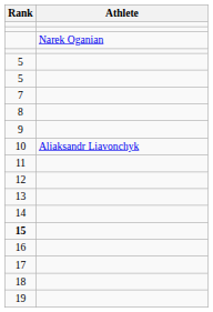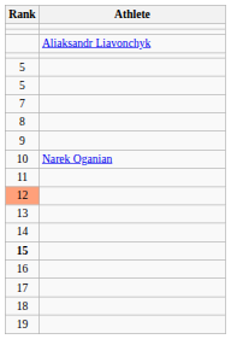 <table class="wikitable" style="text-align: center;">
 <tr>
 <th width=40>Rank</th>
 <th width=250>Athlete</th>
 </tr>
 <tr>
 <td></td>
 <td align="left"></td>
 </tr>
 <tr>
 <td></td>
 <td align="left"></td>
 </tr>
 <tr>
 <td></td>
-<td align="left"> <a href='#'>Narek Oganian</a> </td>
+<td align="left"> <a href='#'>Aliaksandr Liavonchyk</a> </td>
 </tr>
 <tr>
 <td></td>
 <td align="left"></td>
 </tr>
 <tr>
 <td>5</td>
 <td align="left"></td>
 </tr>
 <tr>
 <td>5</td>
 <td align="left"></td>
 </tr>
 <tr>
 <td>7</td>
 <td align="left"></td>
 </tr>
 <tr>
 <td>8</td>
 <td align="left"></td>
 </tr>
 <tr>
 <td>9</td>
 <td align="left"></td>
 </tr>
 <tr>
 <td>10</td>
-<td align="left"> <a href='#'>Aliaksandr Liavonchyk</a> </td>
+<td align="left"> <a href='#'>Narek Oganian</a> </td>
 </tr>
 <tr>
 <td>11</td>
 <td align="left"></td>
 </tr>
 <tr>
-<td>12</td>
+<td style="background: lightsalmon;">12</td>
 <td align="left"></td>
 </tr>
 <tr>
 <td>13</td>
 <td align="left"></td>
 </tr>
 <tr>
 <td>14</td>
 <td align="left"></td>
 </tr>
 <tr>
 <td><strong>15</strong></td>
 <td align="left"></td>
 </tr>
 <tr>
 <td>16</td>
 <td align="left"></td>
 </tr>
 <tr>
 <td>17</td>
 <td align="left"></td>
 </tr>
 <tr>
 <td>18</td>
 <td align="left"></td>
 </tr>
 <tr>
 <td>19</td>
 <td align="left"></td>
 </tr>
 </table>
